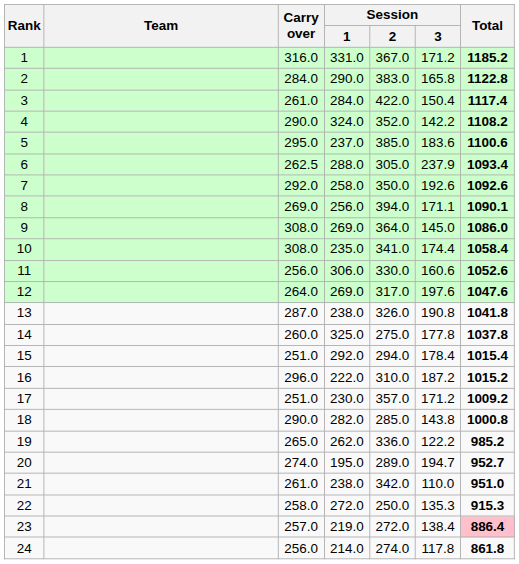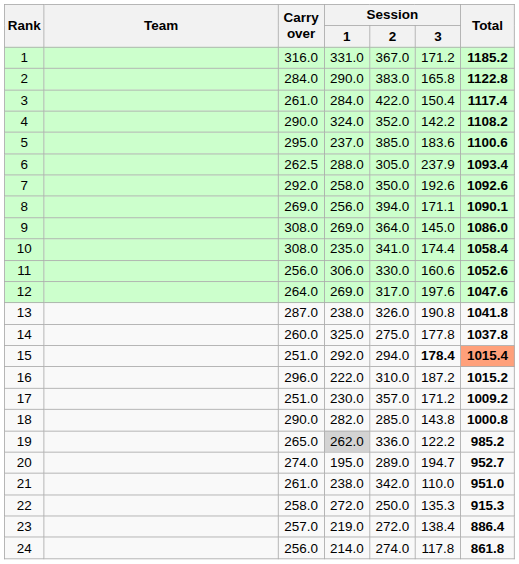 <table class=wikitable style="text-align:center">
 <tr>
 <th rowspan="2" width=40>Rank</th>
 <th rowspan="2" width=380>Team</th>
 <th rowspan=2 width=50>Carry over</th>
 <th colspan=3>Session</th>
 <th rowspan=2 width=60>Total</th>
 </tr>
 <tr>
 <th width=50>1</th>
 <th width=50>2</th>
 <th width=50>3</th>
 </tr>
 <tr bgcolor="ccffcc">
 <td>1</td>
 <td align=left></td>
 <td>316.0</td>
 <td>331.0</td>
 <td>367.0</td>
 <td>171.2</td>
 <td><strong>1185.2</strong></td>
 </tr>
 <tr bgcolor="ccffcc">
 <td>2</td>
 <td align=left></td>
 <td>284.0</td>
 <td>290.0</td>
 <td>383.0</td>
 <td>165.8</td>
 <td><strong>1122.8</strong></td>
 </tr>
 <tr bgcolor="ccffcc">
 <td>3</td>
 <td align=left></td>
 <td>261.0</td>
 <td>284.0</td>
 <td>422.0</td>
 <td>150.4</td>
 <td><strong>1117.4</strong></td>
 </tr>
 <tr bgcolor="ccffcc">
 <td>4</td>
 <td align=left></td>
 <td>290.0</td>
 <td>324.0</td>
 <td>352.0</td>
 <td>142.2</td>
 <td><strong>1108.2</strong></td>
 </tr>
 <tr bgcolor="ccffcc">
 <td>5</td>
 <td align=left></td>
 <td>295.0</td>
 <td>237.0</td>
 <td>385.0</td>
 <td>183.6</td>
 <td><strong>1100.6</strong></td>
 </tr>
 <tr bgcolor="ccffcc">
 <td>6</td>
 <td align=left></td>
 <td>262.5</td>
 <td>288.0</td>
 <td>305.0</td>
 <td>237.9</td>
 <td><strong>1093.4</strong></td>
 </tr>
 <tr bgcolor="ccffcc">
 <td>7</td>
 <td align=left></td>
 <td>292.0</td>
 <td>258.0</td>
 <td>350.0</td>
 <td>192.6</td>
 <td><strong>1092.6</strong></td>
 </tr>
 <tr bgcolor="ccffcc">
 <td>8</td>
 <td align=left></td>
 <td>269.0</td>
 <td>256.0</td>
 <td>394.0</td>
 <td>171.1</td>
 <td><strong>1090.1</strong></td>
 </tr>
 <tr bgcolor="ccffcc">
 <td>9</td>
 <td align=left></td>
 <td>308.0</td>
 <td>269.0</td>
 <td>364.0</td>
 <td>145.0</td>
 <td><strong>1086.0</strong></td>
 </tr>
 <tr bgcolor="ccffcc">
 <td>10</td>
 <td align=left></td>
 <td>308.0</td>
 <td>235.0</td>
 <td>341.0</td>
 <td>174.4</td>
 <td><strong>1058.4</strong></td>
 </tr>
 <tr bgcolor="ccffcc">
 <td>11</td>
 <td align=left></td>
 <td>256.0</td>
 <td>306.0</td>
 <td>330.0</td>
 <td>160.6</td>
 <td><strong>1052.6</strong></td>
 </tr>
 <tr bgcolor="ccffcc">
 <td>12</td>
 <td align=left></td>
 <td>264.0</td>
 <td>269.0</td>
 <td>317.0</td>
 <td>197.6</td>
 <td><strong>1047.6</strong></td>
 </tr>
 <tr>
 <td>13</td>
 <td align=left></td>
 <td>287.0</td>
 <td>238.0</td>
 <td>326.0</td>
 <td>190.8</td>
 <td><strong>1041.8</strong></td>
 </tr>
 <tr>
 <td>14</td>
 <td align=left></td>
 <td>260.0</td>
 <td>325.0</td>
 <td>275.0</td>
 <td>177.8</td>
 <td><strong>1037.8</strong></td>
 </tr>
 <tr>
 <td>15</td>
 <td align=left></td>
 <td>251.0</td>
 <td>292.0</td>
 <td>294.0</td>
-<td>178.4</td>
-<td><strong>1015.4</strong></td>
+<td><strong>178.4</strong></td>
+<td style="background: lightsalmon;"><strong>1015.4</strong></td>
 </tr>
 <tr>
 <td>16</td>
 <td align=left></td>
 <td>296.0</td>
 <td>222.0</td>
 <td>310.0</td>
 <td>187.2</td>
 <td><strong>1015.2</strong></td>
 </tr>
 <tr>
 <td>17</td>
 <td align=left></td>
 <td>251.0</td>
 <td>230.0</td>
 <td>357.0</td>
 <td>171.2</td>
 <td><strong>1009.2</strong></td>
 </tr>
 <tr>
 <td>18</td>
 <td align=left></td>
 <td>290.0</td>
 <td>282.0</td>
 <td>285.0</td>
 <td>143.8</td>
 <td><strong>1000.8</strong></td>
 </tr>
 <tr>
 <td>19</td>
 <td align=left></td>
 <td>265.0</td>
-<td>262.0</td>
+<td style="background: lightgrey;">262.0</td>
 <td>336.0</td>
 <td>122.2</td>
 <td><strong>985.2</strong></td>
 </tr>
 <tr>
 <td>20</td>
 <td align=left></td>
 <td>274.0</td>
 <td>195.0</td>
 <td>289.0</td>
 <td>194.7</td>
 <td><strong>952.7</strong></td>
 </tr>
 <tr>
 <td>21</td>
 <td align=left></td>
 <td>261.0</td>
 <td>238.0</td>
 <td>342.0</td>
 <td>110.0</td>
 <td><strong>951.0</strong></td>
 </tr>
 <tr>
 <td>22</td>
 <td align=left></td>
 <td>258.0</td>
 <td>272.0</td>
 <td>250.0</td>
 <td>135.3</td>
 <td><strong>915.3</strong></td>
 </tr>
 <tr>
 <td>23</td>
 <td align=left></td>
 <td>257.0</td>
 <td>219.0</td>
 <td>272.0</td>
 <td>138.4</td>
-<td style="background: pink;"><strong>886.4</strong></td>
+<td><strong>886.4</strong></td>
 </tr>
 <tr>
 <td>24</td>
 <td align=left></td>
 <td>256.0</td>
 <td>214.0</td>
 <td>274.0</td>
 <td>117.8</td>
 <td><strong>861.8</strong></td>
 </tr>
 </table>
